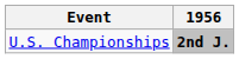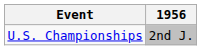 <table class="wikitable">
 <tr>
 <th>Event</th>
 <th>1956</th>
 </tr>
 <tr>
 <td><a href='#'>U.S. Championships</a></td>
-<td align="center" bgcolor="silver"><strong>2nd J.</strong></td>
+<td align="center" bgcolor="silver">2nd J.</td>
 </tr>
 </table>
